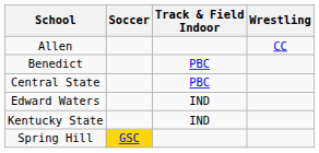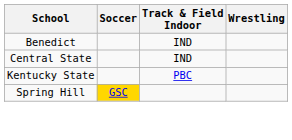 <table class="wikitable" style="text-align:center;">
 <tr>
 <th>School</th>
 <th>Soccer</th>
 <th>Track & Field<br>Indoor</th>
 <th>Wrestling</th>
 </tr>
 <tr>
-<td>Allen</td>
-<td></td>
-<td></td>
-<td><a href='#'>CC</a></td>
-</tr>
-<tr>
 <td>Benedict</td>
 <td></td>
-<td><a href='#'>PBC</a></td>
+<td>IND</td>
 <td></td>
 </tr>
 <tr>
 <td>Central State</td>
-<td></td>
-<td><a href='#'>PBC</a></td>
-<td></td>
-</tr>
-<tr>
-<td>Edward Waters</td>
 <td></td>
 <td>IND</td>
 <td></td>
 </tr>
 <tr>
 <td>Kentucky State</td>
 <td></td>
-<td>IND</td>
+<td><a href='#'>PBC</a></td>
 <td></td>
 </tr>
 <tr>
 <td>Spring Hill</td>
 <td style="background: gold;"><a href='#'>GSC</a></td>
 <td></td>
 <td></td>
 </tr>
 </table>
